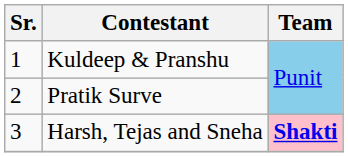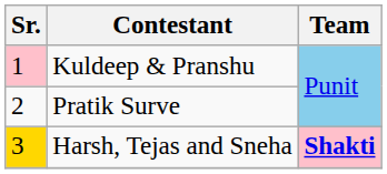 <table class="wikitable sorta">
 <tr>
 <th>Sr.</th>
 <th>Contestant</th>
 <th>Team</th>
 </tr>
 <tr>
-<td>1</td>
+<td style="background: pink;">1</td>
 <td>Kuldeep & Pranshu</td>
 <td rowspan=2 bgcolor=skyblue><a href='#'>Punit</a></td>
 </tr>
 <tr>
 <td>2</td>
 <td>Pratik Surve</td>
 </tr>
 <tr>
-<td>3</td>
+<td style="background: gold;">3</td>
 <td>Harsh, Tejas and Sneha</td>
 <td bgcolor=pink><strong><a href='#'>Shakti</a></strong></td>
 </tr>
 <tr>
 </tr>
 </table>
